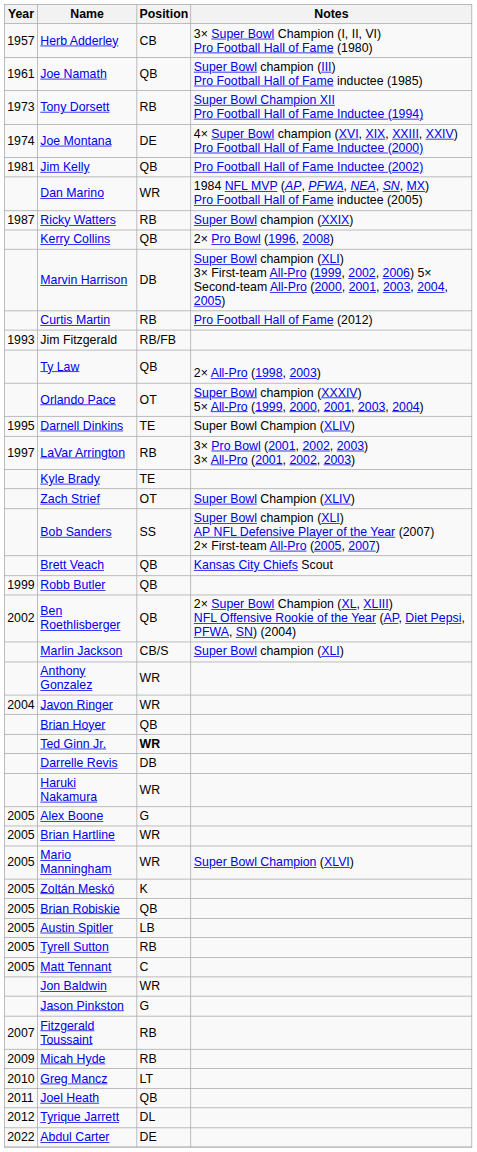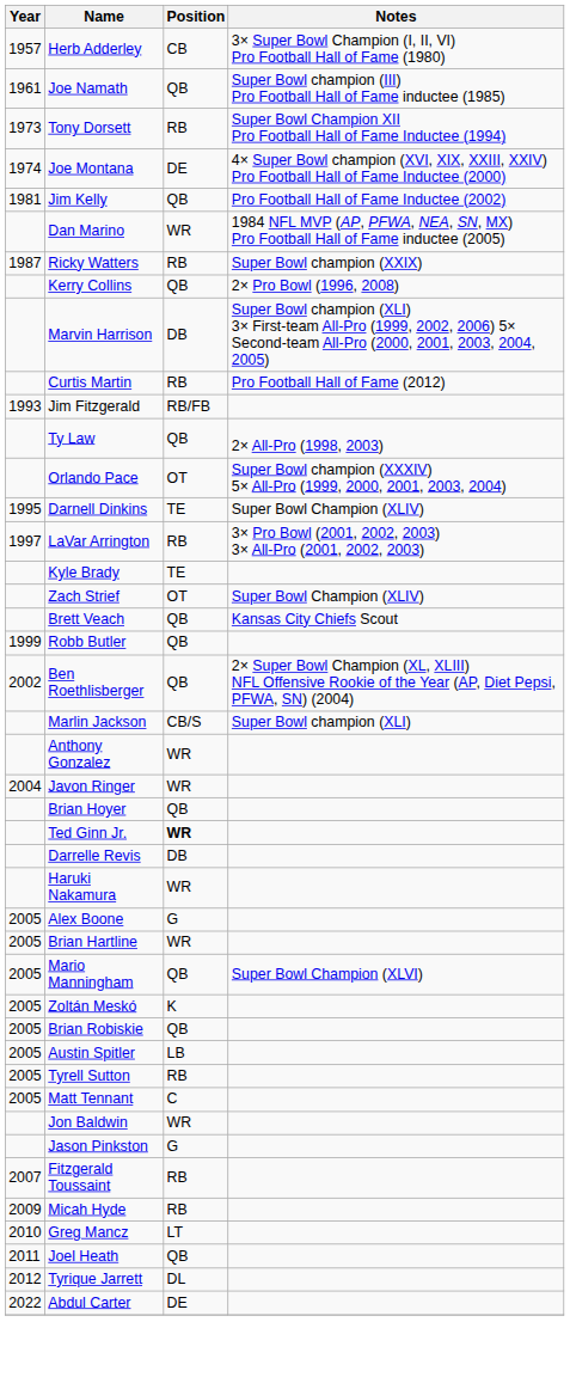 <table class="wikitable plainrowheaders unsortable">
 <tr>
 <th scope="col">Year</th>
 <th scope="col">Name</th>
 <th scope="col">Position</th>
 <th scope="col">Notes</th>
 </tr>
 <tr>
 <td>1957</td>
 <td scope="row"><a href='#'>Herb Adderley</a></td>
 <td>CB</td>
 <td>3× <a href='#'>Super Bowl</a> Champion (I, II, VI)<br><a href='#'>Pro Football Hall of Fame</a> (1980)</td>
 </tr>
 <tr>
 <td>1961</td>
 <td scope="row"><a href='#'>Joe Namath</a></td>
 <td>QB</td>
 <td><a href='#'>Super Bowl</a> champion (<a href='#'>III</a>)<br><a href='#'>Pro Football Hall of Fame</a> inductee (1985)</td>
 </tr>
 <tr>
 <td>1973</td>
 <td scope="row"><a href='#'>Tony Dorsett</a></td>
 <td>RB</td>
 <td><a href='#'>Super Bowl Champion XII</a><br><a href='#'>Pro Football Hall of Fame Inductee (1994)</a></td>
 </tr>
 <tr>
 <td>1974</td>
 <td scope="row"><a href='#'>Joe Montana</a></td>
 <td>DE</td>
 <td>4× <a href='#'>Super Bowl</a> champion (<a href='#'>XVI</a>, <a href='#'>XIX</a>, <a href='#'>XXIII</a>, <a href='#'>XXIV</a>)<br><a href='#'>Pro Football Hall of Fame Inductee (2000)</a></td>
 </tr>
 <tr>
 <td>1981</td>
 <td scope="row"><a href='#'>Jim Kelly</a></td>
 <td>QB</td>
 <td><a href='#'>Pro Football Hall of Fame Inductee (2002)</a></td>
 </tr>
 <tr>
 <td></td>
 <td scope="row"><a href='#'>Dan Marino</a></td>
 <td>WR</td>
 <td>1984 <a href='#'>NFL MVP</a> (<em><a href='#'>AP</a></em>, <em><a href='#'>PFWA</a></em>, <em><a href='#'>NEA</a></em>, <em><a href='#'>SN</a></em>, <a href='#'>MX</a>)<br><a href='#'>Pro Football Hall of Fame</a> inductee (2005)</td>
 </tr>
 <tr>
 <td>1987</td>
 <td scope="row"><a href='#'>Ricky Watters</a></td>
 <td>RB</td>
 <td><a href='#'>Super Bowl</a> champion (<a href='#'>XXIX</a>)</td>
 </tr>
 <tr>
 <td></td>
 <td scope="row"><a href='#'>Kerry Collins</a></td>
 <td>QB</td>
 <td>2× <a href='#'>Pro Bowl</a> (<a href='#'>1996</a>, <a href='#'>2008</a>)</td>
 </tr>
 <tr>
 <td></td>
 <td scope="row"><a href='#'>Marvin Harrison</a></td>
 <td>DB</td>
 <td><a href='#'>Super Bowl</a> champion (<a href='#'>XLI</a>)<br>3× First-team <a href='#'>All-Pro</a> (<a href='#'>1999</a>, <a href='#'>2002</a>, <a href='#'>2006</a>) 5× Second-team <a href='#'>All-Pro</a> (<a href='#'>2000</a>, <a href='#'>2001</a>, <a href='#'>2003</a>, <a href='#'>2004</a>, <a href='#'>2005</a>)</td>
 </tr>
 <tr>
 <td></td>
 <td scope="row"><a href='#'>Curtis Martin</a></td>
 <td>RB</td>
 <td><a href='#'>Pro Football Hall of Fame</a> (2012)</td>
 </tr>
 <tr>
 <td>1993</td>
 <td scope="row">Jim Fitzgerald</td>
 <td>RB/FB</td>
 <td></td>
 </tr>
 <tr>
 <td></td>
 <td scope="row"><a href='#'>Ty Law</a></td>
 <td>QB</td>
 <td><br>2× <a href='#'>All-Pro</a> (<a href='#'>1998</a>, <a href='#'>2003</a>)</td>
 </tr>
 <tr>
 <td></td>
 <td scope="row"><a href='#'>Orlando Pace</a></td>
 <td>OT</td>
 <td><a href='#'>Super Bowl</a> champion (<a href='#'>XXXIV</a>)<br>5× <a href='#'>All-Pro</a> (<a href='#'>1999</a>, <a href='#'>2000</a>, <a href='#'>2001</a>, <a href='#'>2003</a>, <a href='#'>2004</a>)</td>
 </tr>
 <tr>
 <td>1995</td>
 <td scope="row"><a href='#'>Darnell Dinkins</a></td>
 <td>TE</td>
 <td>Super Bowl Champion (<a href='#'>XLIV</a>)</td>
 </tr>
 <tr>
 <td>1997</td>
 <td scope="row"><a href='#'>LaVar Arrington</a></td>
 <td>RB</td>
 <td>3× <a href='#'>Pro Bowl</a> (<a href='#'>2001</a>, <a href='#'>2002</a>, <a href='#'>2003</a>)<br>3× <a href='#'>All-Pro</a> (<a href='#'>2001</a>, <a href='#'>2002</a>, <a href='#'>2003</a>)</td>
 </tr>
 <tr>
 <td></td>
 <td scope="row"><a href='#'>Kyle Brady</a></td>
 <td>TE</td>
 <td></td>
 </tr>
 <tr>
 <td></td>
 <td scope="row"><a href='#'>Zach Strief</a></td>
 <td>OT</td>
 <td><a href='#'>Super Bowl</a> Champion (<a href='#'>XLIV</a>)</td>
 </tr>
 <tr>
 <td></td>
-<td scope="row"><a href='#'>Bob Sanders</a></td>
-<td>SS</td>
-<td><a href='#'>Super Bowl</a> champion (<a href='#'>XLI</a>)<br><a href='#'>AP NFL Defensive Player of the Year</a> (2007)<br>2× First-team <a href='#'>All-Pro</a> (<a href='#'>2005</a>, <a href='#'>2007</a>)</td>
-</tr>
-<tr>
-<td></td>
 <td scope="row"><a href='#'>Brett Veach</a></td>
 <td>QB</td>
 <td><a href='#'>Kansas City Chiefs</a> Scout</td>
 </tr>
 <tr>
 <td>1999</td>
 <td scope="row"><a href='#'>Robb Butler</a></td>
 <td>QB</td>
 <td></td>
 </tr>
 <tr>
 <td>2002</td>
 <td scope="row"><a href='#'>Ben Roethlisberger</a></td>
 <td>QB</td>
 <td>2× <a href='#'>Super Bowl</a> Champion (<a href='#'>XL</a>, <a href='#'>XLIII</a>)<br><a href='#'>NFL Offensive Rookie of the Year</a> (<a href='#'>AP</a>, <a href='#'>Diet Pepsi</a>, <a href='#'>PFWA</a>, <a href='#'>SN</a>) (2004)</td>
 </tr>
 <tr>
 <td></td>
 <td scope="row"><a href='#'>Marlin Jackson</a></td>
 <td>CB/S</td>
 <td><a href='#'>Super Bowl</a> champion (<a href='#'>XLI</a>)</td>
 </tr>
 <tr>
 <td></td>
 <td scope="row"><a href='#'>Anthony Gonzalez</a></td>
 <td>WR</td>
 <td></td>
 </tr>
 <tr>
 <td>2004</td>
 <td scope="row"><a href='#'>Javon Ringer</a></td>
 <td>WR</td>
 <td></td>
 </tr>
 <tr>
 <td></td>
 <td><a href='#'>Brian Hoyer</a></td>
 <td>QB</td>
 <td></td>
 </tr>
 <tr>
 <td></td>
 <td><a href='#'>Ted Ginn Jr.</a></td>
 <td><strong>WR</strong></td>
 <td></td>
 </tr>
 <tr>
 <td></td>
 <td><a href='#'>Darrelle Revis</a></td>
 <td>DB</td>
 <td></td>
 </tr>
 <tr>
 <td></td>
 <td><a href='#'>Haruki Nakamura</a></td>
 <td>WR</td>
 <td></td>
 </tr>
 <tr>
 <td>2005</td>
 <td scope="row"><a href='#'>Alex Boone</a></td>
 <td>G</td>
 <td></td>
 </tr>
 <tr>
 <td>2005</td>
 <td scope="row"><a href='#'>Brian Hartline</a></td>
 <td>WR</td>
 <td></td>
 </tr>
 <tr>
 <td>2005</td>
 <td scope="row"><a href='#'>Mario Manningham</a></td>
-<td>WR</td>
+<td>QB</td>
 <td><a href='#'>Super Bowl Champion</a> (<a href='#'>XLVI</a>)</td>
 </tr>
 <tr>
 <td>2005</td>
 <td scope="row"><a href='#'>Zoltán Meskó</a></td>
 <td>K</td>
 <td></td>
 </tr>
 <tr>
 <td>2005</td>
 <td scope="row"><a href='#'>Brian Robiskie</a></td>
 <td>QB</td>
 <td></td>
 </tr>
 <tr>
 <td>2005</td>
 <td scope="row"><a href='#'>Austin Spitler</a></td>
 <td>LB</td>
 <td></td>
 </tr>
 <tr>
 <td>2005</td>
 <td scope="row"><a href='#'>Tyrell Sutton</a></td>
 <td>RB</td>
 <td></td>
 </tr>
 <tr>
 <td>2005</td>
 <td scope="row"><a href='#'>Matt Tennant</a></td>
 <td>C</td>
 <td></td>
 </tr>
 <tr>
 <td></td>
 <td scope="row"><a href='#'>Jon Baldwin</a></td>
 <td>WR</td>
 <td></td>
 </tr>
 <tr>
 <td></td>
 <td scope="row"><a href='#'>Jason Pinkston</a></td>
 <td>G</td>
 <td></td>
 </tr>
 <tr>
 <td>2007</td>
 <td scope="row"><a href='#'>Fitzgerald Toussaint</a></td>
 <td>RB</td>
 <td></td>
 </tr>
 <tr>
 <td>2009</td>
 <td scope="row"><a href='#'>Micah Hyde</a></td>
 <td>RB</td>
 <td></td>
 </tr>
 <tr>
 <td>2010</td>
 <td scope="row"><a href='#'>Greg Mancz</a></td>
 <td>LT</td>
 <td></td>
 </tr>
 <tr>
 <td>2011</td>
 <td scope="row"><a href='#'>Joel Heath</a></td>
 <td>QB</td>
 <td></td>
 </tr>
 <tr>
 <td>2012</td>
 <td scope="row"><a href='#'>Tyrique Jarrett</a></td>
 <td>DL</td>
 <td></td>
 </tr>
 <tr>
 <td>2022</td>
 <td scope="row"><a href='#'>Abdul Carter</a></td>
 <td>DE</td>
 <td></td>
 </tr>
 <tr>
 </tr>
 </table>
